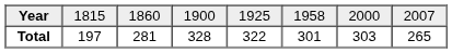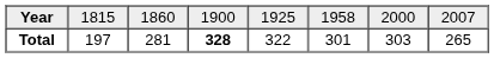 <table border="1" cellpadding="2" cellspacing="0" width="500">
 <tr bgcolor="#eeeeee" align="center">
 <td><strong>Year</strong></td>
 <td>1815</td>
 <td>1860</td>
 <td>1900</td>
 <td>1925</td>
 <td>1958</td>
 <td>2000</td>
 <td>2007</td>
 </tr>
 <tr align="center">
 <td><strong>Total</strong></td>
 <td>197</td>
 <td>281</td>
-<td>328</td>
+<td><strong>328</strong></td>
 <td>322</td>
 <td>301</td>
 <td>303</td>
 <td>265</td>
 </tr>
 </table>
